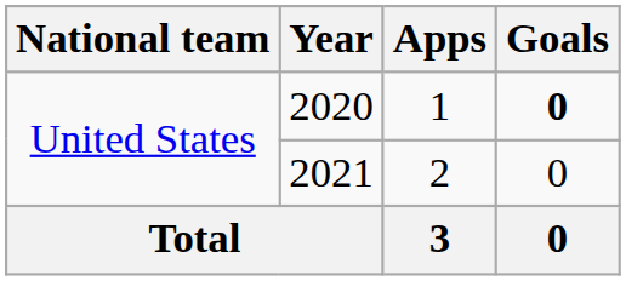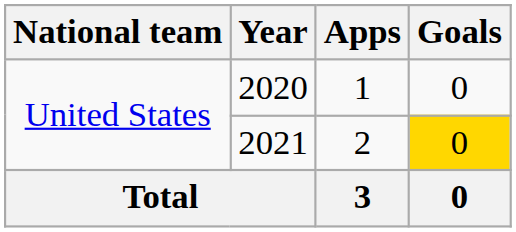 <table class="wikitable" style="text-align:center">
 <tr>
 <th>National team</th>
 <th>Year</th>
 <th>Apps</th>
 <th>Goals</th>
 </tr>
 <tr>
 <td rowspan="2"><a href='#'>United States</a></td>
 <td>2020</td>
 <td>1</td>
-<td><strong>0</strong></td>
+<td>0</td>
 </tr>
 <tr>
 <td>2021</td>
 <td>2</td>
-<td>0</td>
+<td style="background: gold;">0</td>
 </tr>
 <tr>
 <th colspan="2">Total</th>
 <th>3</th>
 <th>0</th>
 </tr>
 </table>
